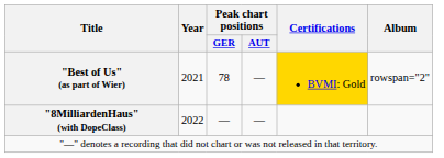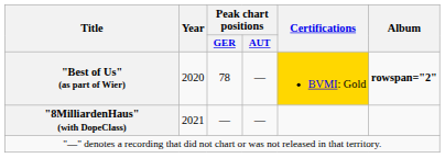 <table class="wikitable plainrowheaders" style="text-align:center;">
 <tr>
 <th scope="col" rowspan="2" style="width:15em;">Title</th>
 <th scope="col" rowspan="2">Year</th>
 <th scope="col" colspan="2">Peak chart positions</th>
 <th scope="col" rowspan="2"><a href='#'>Certifications</a></th>
 <th scope="col" rowspan="2">Album</th>
 </tr>
 <tr>
 <th scope="col" style="width:3em;font-size:90%;"><a href='#'>GER</a><br></th>
 <th scope="col" style="width:3em;font-size:90%;"><a href='#'>AUT</a><br></th>
 </tr>
 <tr>
 <th scope="row">"Best of Us"<br><small>(as part of Wier)</small></th>
-<td>2021</td>
+<td>2020</td>
 <td>78</td>
 <td>—</td>
 <td style="background: gold;"><br><ul><li><a href='#'>BVMI</a>: Gold</li></ul></td>
-<td>rowspan="2" </td>
+<td><strong>rowspan="2" </strong></td>
 </tr>
 <tr>
 <th scope="row">"8MilliardenHaus"<br><small>(with DopeClass)</small></th>
-<td>2022</td>
+<td>2021</td>
 <td>—</td>
 <td>—</td>
 <td></td>
 </tr>
 <tr>
 <td colspan="7" style="font-size:90%">"—" denotes a recording that did not chart or was not released in that territory.</td>
 </tr>
 </table>
